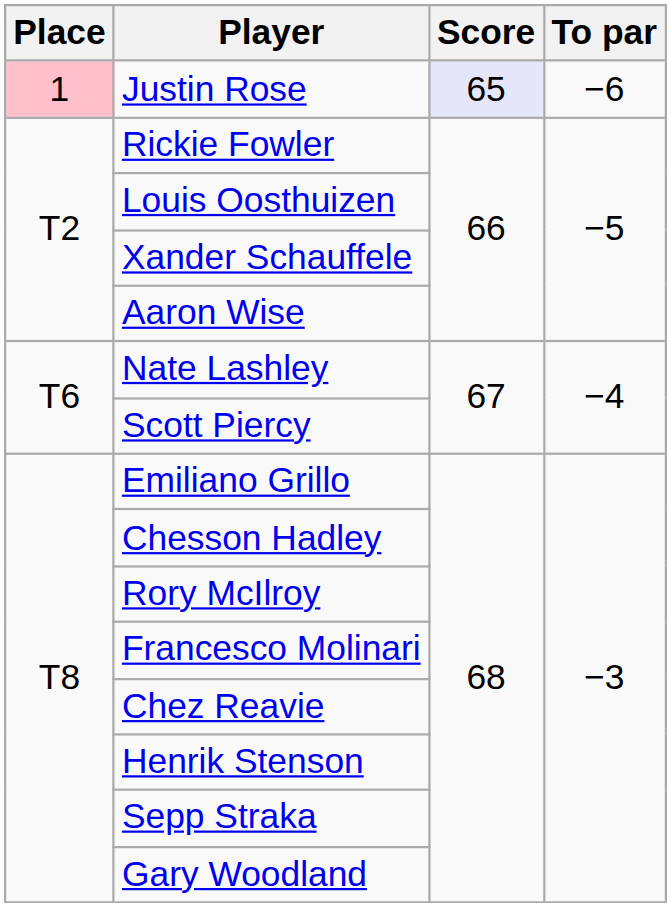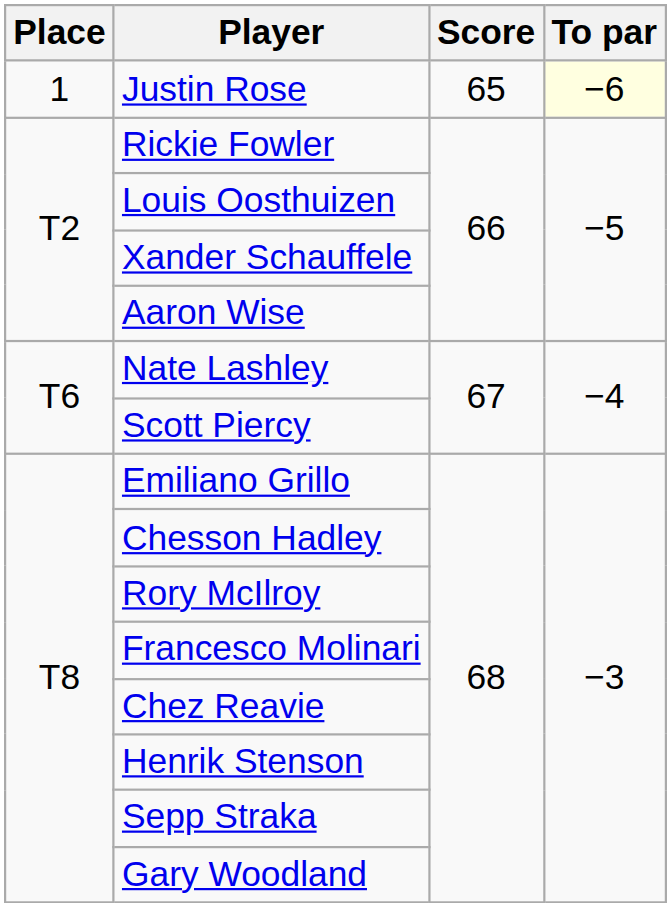 <table class="wikitable">
 <tr>
 <th>Place</th>
 <th>Player</th>
 <th>Score</th>
 <th>To par</th>
 </tr>
 <tr>
-<td align=center style="background: pink;">1</td>
+<td align=center>1</td>
 <td> <a href='#'>Justin Rose</a></td>
-<td align=center style="background: lavender;">65</td>
-<td align=center>−6</td>
+<td align=center>65</td>
+<td align=center style="background: lightyellow;">−6</td>
 </tr>
 <tr>
 <td rowspan=4 align=center>T2</td>
 <td> <a href='#'>Rickie Fowler</a></td>
 <td rowspan=4 align=center>66</td>
 <td rowspan=4 align=center>−5</td>
 </tr>
 <tr>
 <td> <a href='#'>Louis Oosthuizen</a></td>
 </tr>
 <tr>
 <td> <a href='#'>Xander Schauffele</a></td>
 </tr>
 <tr>
 <td> <a href='#'>Aaron Wise</a></td>
 </tr>
 <tr>
 <td rowspan=2 align=center>T6</td>
 <td> <a href='#'>Nate Lashley</a></td>
 <td rowspan=2 align=center>67</td>
 <td rowspan=2 align=center>−4</td>
 </tr>
 <tr>
 <td> <a href='#'>Scott Piercy</a></td>
 </tr>
 <tr>
 <td rowspan=8 align=center>T8</td>
 <td> <a href='#'>Emiliano Grillo</a></td>
 <td rowspan=8 align=center>68</td>
 <td rowspan=8 align=center>−3</td>
 </tr>
 <tr>
 <td> <a href='#'>Chesson Hadley</a></td>
 </tr>
 <tr>
 <td> <a href='#'>Rory McIlroy</a></td>
 </tr>
 <tr>
 <td> <a href='#'>Francesco Molinari</a></td>
 </tr>
 <tr>
 <td> <a href='#'>Chez Reavie</a></td>
 </tr>
 <tr>
 <td> <a href='#'>Henrik Stenson</a></td>
 </tr>
 <tr>
 <td> <a href='#'>Sepp Straka</a></td>
 </tr>
 <tr>
 <td> <a href='#'>Gary Woodland</a></td>
 </tr>
 </table>
